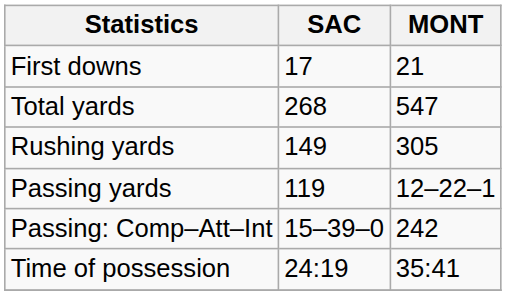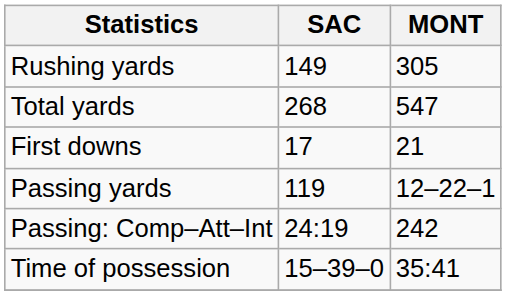 <table class="wikitable" style="float: left;">
 <tr>
 <th>Statistics</th>
 <th>SAC</th>
 <th>MONT</th>
 </tr>
 <tr>
-<td>First downs</td>
-<td>17</td>
-<td>21</td>
+<td>Rushing yards</td>
+<td>149</td>
+<td>305</td>
 </tr>
 <tr>
 <td>Total yards</td>
 <td>268</td>
 <td>547</td>
 </tr>
 <tr>
-<td>Rushing yards</td>
-<td>149</td>
-<td>305</td>
+<td>First downs</td>
+<td>17</td>
+<td>21</td>
 </tr>
 <tr>
 <td>Passing yards</td>
 <td>119</td>
 <td>12–22–1</td>
 </tr>
 <tr>
 <td>Passing: Comp–Att–Int</td>
-<td>15–39–0</td>
+<td>24:19</td>
 <td>242</td>
 </tr>
 <tr>
 <td>Time of possession</td>
-<td>24:19</td>
+<td>15–39–0</td>
 <td>35:41</td>
 </tr>
 <tr>
 </tr>
 </table>
